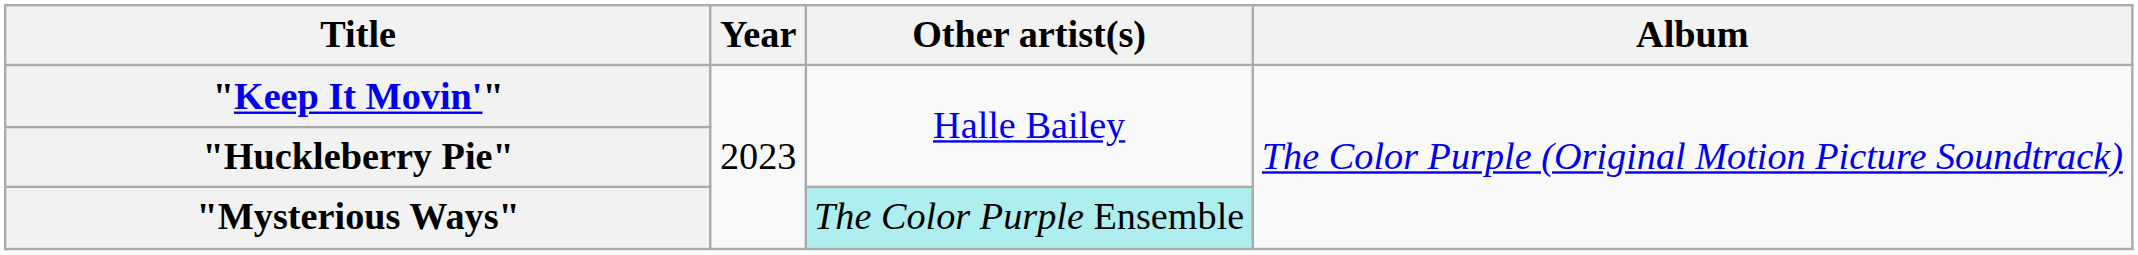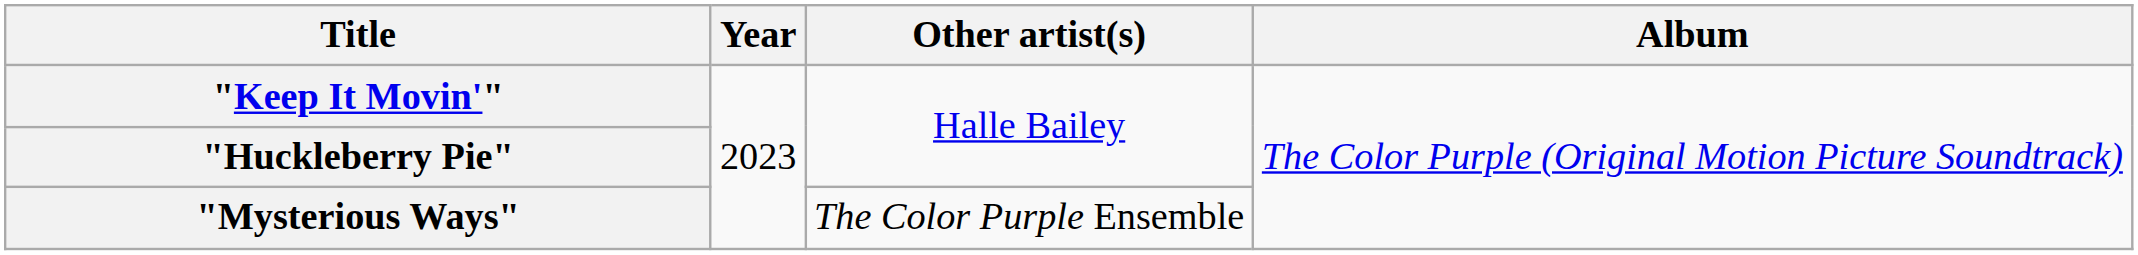 <table class="wikitable plainrowheaders" style="text-align:center;">
 <tr>
 <th scope="col" style="width:18em;">Title</th>
 <th>Year</th>
 <th scope="col">Other artist(s)</th>
 <th scope="col">Album</th>
 </tr>
 <tr>
 <th scope="row">"<a href='#'>Keep It Movin'</a>"</th>
 <td rowspan="3">2023</td>
 <td rowspan="2"><a href='#'>Halle Bailey</a></td>
 <td rowspan="3"><em><a href='#'>The Color Purple (Original Motion Picture Soundtrack)</a></em></td>
 </tr>
 <tr>
 <th scope="row">"Huckleberry Pie"</th>
 </tr>
 <tr>
 <th scope="row">"Mysterious Ways"</th>
-<td style="background: paleturquoise;"><em>The Color Purple</em> Ensemble</td>
+<td><em>The Color Purple</em> Ensemble</td>
 </tr>
 </table>
